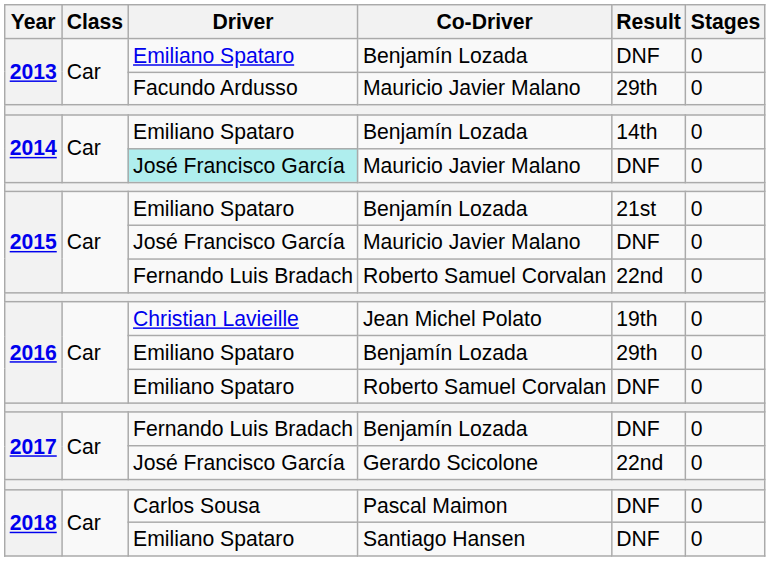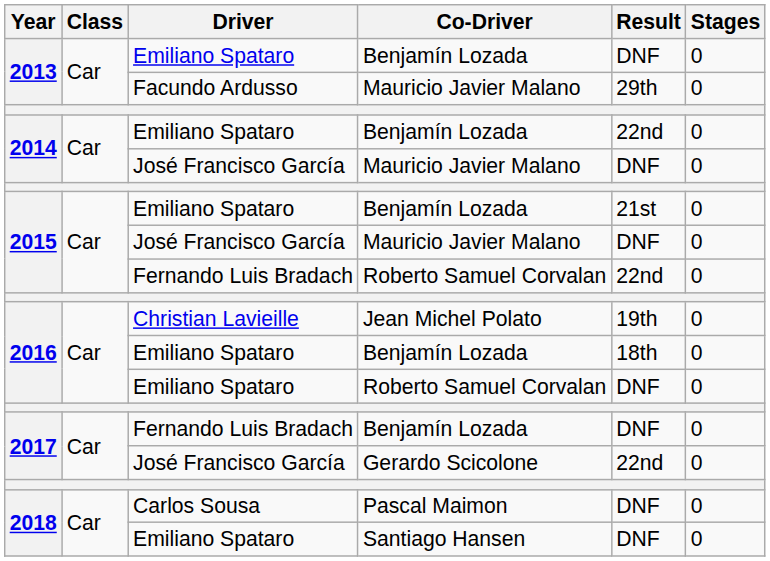 <table class="wikitable" style="font-size:90%;">
 <tr>
 <th>Year</th>
 <th>Class</th>
 <th>Driver</th>
 <th>Co-Driver</th>
 <th>Result</th>
 <th>Stages</th>
 </tr>
 <tr>
 <th rowspan=2><a href='#'>2013</a></th>
 <td rowspan="2">Car</td>
 <td> <a href='#'>Emiliano Spataro</a></td>
 <td> Benjamín Lozada</td>
 <td>DNF</td>
 <td>0</td>
 </tr>
 <tr>
 <td> Facundo Ardusso</td>
 <td> Mauricio Javier Malano</td>
 <td>29th</td>
 <td>0</td>
 </tr>
 <tr>
 <th colspan="6"></th>
 </tr>
 <tr>
 <th rowspan="2"><a href='#'>2014</a></th>
 <td rowspan="2">Car</td>
 <td> Emiliano Spataro</td>
 <td> Benjamín Lozada</td>
-<td>14th</td>
+<td>22nd</td>
 <td>0</td>
 </tr>
 <tr>
-<td style="background: paleturquoise;"> José Francisco García</td>
+<td> José Francisco García</td>
 <td> Mauricio Javier Malano</td>
 <td>DNF</td>
 <td>0</td>
 </tr>
 <tr>
 <th colspan="6"></th>
 </tr>
 <tr>
 <th rowspan="3"><a href='#'>2015</a></th>
 <td rowspan="3">Car</td>
 <td> Emiliano Spataro</td>
 <td> Benjamín Lozada</td>
 <td>21st</td>
 <td>0</td>
 </tr>
 <tr>
 <td> José Francisco García</td>
 <td> Mauricio Javier Malano</td>
 <td>DNF</td>
 <td>0</td>
 </tr>
 <tr>
 <td> Fernando Luis Bradach</td>
 <td> Roberto Samuel Corvalan</td>
 <td>22nd</td>
 <td>0</td>
 </tr>
 <tr>
 <th colspan="6"></th>
 </tr>
 <tr>
 <th rowspan="3"><a href='#'>2016</a></th>
 <td rowspan="3">Car</td>
 <td> <a href='#'>Christian Lavieille</a></td>
 <td> Jean Michel Polato</td>
 <td>19th</td>
 <td>0</td>
 </tr>
 <tr>
 <td> Emiliano Spataro</td>
 <td> Benjamín Lozada</td>
-<td>29th</td>
+<td>18th</td>
 <td>0</td>
 </tr>
 <tr>
 <td> Emiliano Spataro</td>
 <td> Roberto Samuel Corvalan</td>
 <td>DNF</td>
 <td>0</td>
 </tr>
 <tr>
 <th colspan="6"></th>
 </tr>
 <tr>
 <th rowspan="2"><a href='#'>2017</a></th>
 <td rowspan="2">Car</td>
 <td> Fernando Luis Bradach</td>
 <td> Benjamín Lozada</td>
 <td>DNF</td>
 <td>0</td>
 </tr>
 <tr>
 <td> José Francisco García</td>
 <td> Gerardo Scicolone</td>
 <td>22nd</td>
 <td>0</td>
 </tr>
 <tr>
 <th colspan="6"></th>
 </tr>
 <tr>
 <th rowspan="2"><a href='#'>2018</a></th>
 <td rowspan="2">Car</td>
 <td> Carlos Sousa</td>
 <td> Pascal Maimon</td>
 <td>DNF</td>
 <td>0</td>
 </tr>
 <tr>
 <td> Emiliano Spataro</td>
 <td> Santiago Hansen</td>
 <td>DNF</td>
 <td>0</td>
 </tr>
 </table>
